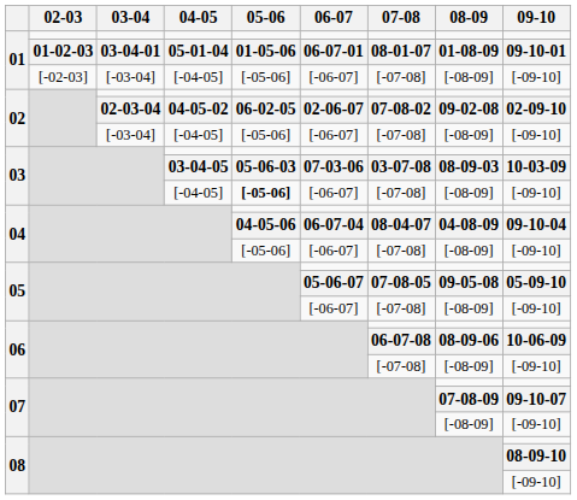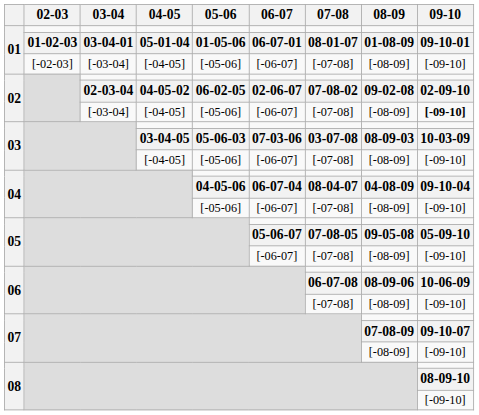 <table class="wikitable" style="font-size:100%;text-align:center;">
 <tr>
 <th></th>
 <th>02-03</th>
 <th>03-04</th>
 <th>04-05</th>
 <th>05-06</th>
 <th>06-07</th>
 <th>07-08</th>
 <th>08-09</th>
 <th>09-10</th>
 </tr>
 <tr>
 <th rowspan=3>01</th>
 <td></td>
 <td></td>
 <td></td>
 <td></td>
 <td></td>
 <td></td>
 <td></td>
 <td></td>
 </tr>
 <tr>
 <th>01-02-03</th>
 <th>03-04-01</th>
 <th>05-01-04</th>
 <th>01-05-06</th>
 <th>06-07-01</th>
 <th>08-01-07</th>
 <th>01-08-09</th>
 <th>09-10-01</th>
 </tr>
 <tr style="font-size:90%;">
 <td>[-02-03]</td>
 <td>[-03-04]</td>
 <td>[-04-05]</td>
 <td>[-05-06]</td>
 <td>[-06-07]</td>
 <td>[-07-08]</td>
 <td>[-08-09]</td>
 <td>[-09-10]</td>
 </tr>
 <tr>
 <th rowspan=3>02</th>
 <td rowspan=3 style="background:#ddd;"> </td>
 <td></td>
 <td></td>
 <td></td>
 <td></td>
 <td></td>
 <td></td>
 <td></td>
 </tr>
 <tr>
 <th>02-03-04</th>
 <th>04-05-02</th>
 <th>06-02-05</th>
 <th>02-06-07</th>
 <th>07-08-02</th>
 <th>09-02-08</th>
 <th>02-09-10</th>
 </tr>
 <tr style="font-size:90%;">
 <td>[-03-04]</td>
 <td>[-04-05]</td>
 <td>[-05-06]</td>
 <td>[-06-07]</td>
 <td>[-07-08]</td>
 <td>[-08-09]</td>
-<td>[-09-10]</td>
+<td><strong>[-09-10]</strong></td>
 </tr>
 <tr>
 <th rowspan=3>03</th>
 <td rowspan=3 colspan=2 style="background:#ddd;"> </td>
 <td></td>
 <td></td>
 <td></td>
 <td></td>
 <td></td>
 <td></td>
 </tr>
 <tr>
 <th>03-04-05</th>
 <th>05-06-03</th>
 <th>07-03-06</th>
 <th>03-07-08</th>
 <th>08-09-03</th>
 <th>10-03-09</th>
 </tr>
 <tr style="font-size:90%;">
 <td>[-04-05]</td>
-<td><strong>[-05-06]</strong></td>
+<td>[-05-06]</td>
 <td>[-06-07]</td>
 <td>[-07-08]</td>
 <td>[-08-09]</td>
 <td>[-09-10]</td>
 </tr>
 <tr>
 <th rowspan=3>04</th>
 <td rowspan=3 colspan=3 style="background:#ddd;"> </td>
 <td></td>
 <td></td>
 <td></td>
 <td></td>
 <td></td>
 </tr>
 <tr>
 <th>04-05-06</th>
 <th>06-07-04</th>
 <th>08-04-07</th>
 <th>04-08-09</th>
 <th>09-10-04</th>
 </tr>
 <tr style="font-size:90%;">
 <td>[-05-06]</td>
 <td>[-06-07]</td>
 <td>[-07-08]</td>
 <td>[-08-09]</td>
 <td>[-09-10]</td>
 </tr>
 <tr>
 <th rowspan=3>05</th>
 <td rowspan=3 colspan=4 style="background:#ddd;"> </td>
 <td></td>
 <td></td>
 <td></td>
 <td></td>
 </tr>
 <tr>
 <th>05-06-07</th>
 <th>07-08-05</th>
 <th>09-05-08</th>
 <th>05-09-10</th>
 </tr>
 <tr style="font-size:90%;">
 <td>[-06-07]</td>
 <td>[-07-08]</td>
 <td>[-08-09]</td>
 <td>[-09-10]</td>
 </tr>
 <tr>
 <th rowspan=3>06</th>
 <td rowspan=3 colspan=5 style="background:#ddd;"> </td>
 <td></td>
 <td></td>
 <td></td>
 </tr>
 <tr>
 <th>06-07-08</th>
 <th>08-09-06</th>
 <th>10-06-09</th>
 </tr>
 <tr style="font-size:90%;">
 <td>[-07-08]</td>
 <td>[-08-09]</td>
 <td>[-09-10]</td>
 </tr>
 <tr>
 <th rowspan=3>07</th>
 <td rowspan=3 colspan=6 style="background:#ddd;"> </td>
 <td></td>
 <td></td>
 </tr>
 <tr>
 <th>07-08-09</th>
 <th>09-10-07</th>
 </tr>
 <tr style="font-size:90%;">
 <td>[-08-09]</td>
 <td>[-09-10]</td>
 </tr>
 <tr>
 <th rowspan=3>08</th>
 <td rowspan=3 colspan=7 style="background:#ddd;"> </td>
 <td></td>
 </tr>
 <tr>
 <th>08-09-10</th>
 </tr>
 <tr style="font-size:90%;">
 <td>[-09-10]</td>
 </tr>
 </table>
